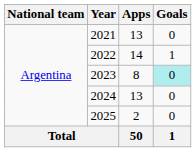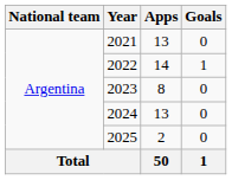 <table class="wikitable" style="text-align:center">
 <tr>
 <th>National team</th>
 <th>Year</th>
 <th>Apps</th>
 <th>Goals</th>
 </tr>
 <tr>
 <td rowspan="5"><a href='#'>Argentina</a></td>
 <td>2021</td>
 <td>13</td>
 <td>0</td>
 </tr>
 <tr>
 <td>2022</td>
 <td>14</td>
 <td>1</td>
 </tr>
 <tr>
 <td>2023</td>
 <td>8</td>
-<td style="background: paleturquoise;">0</td>
+<td>0</td>
 </tr>
 <tr>
 <td>2024</td>
 <td>13</td>
 <td>0</td>
 </tr>
 <tr>
 <td>2025</td>
 <td>2</td>
 <td>0</td>
 </tr>
 <tr>
 <th colspan="2">Total</th>
 <th>50</th>
 <th>1</th>
 </tr>
 </table>
